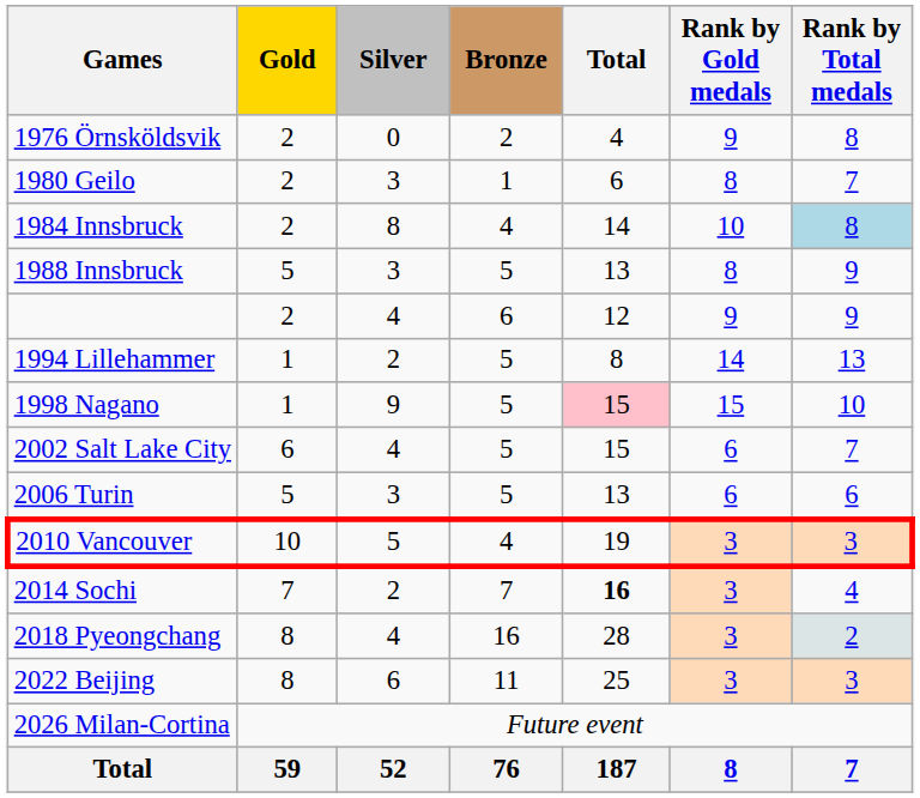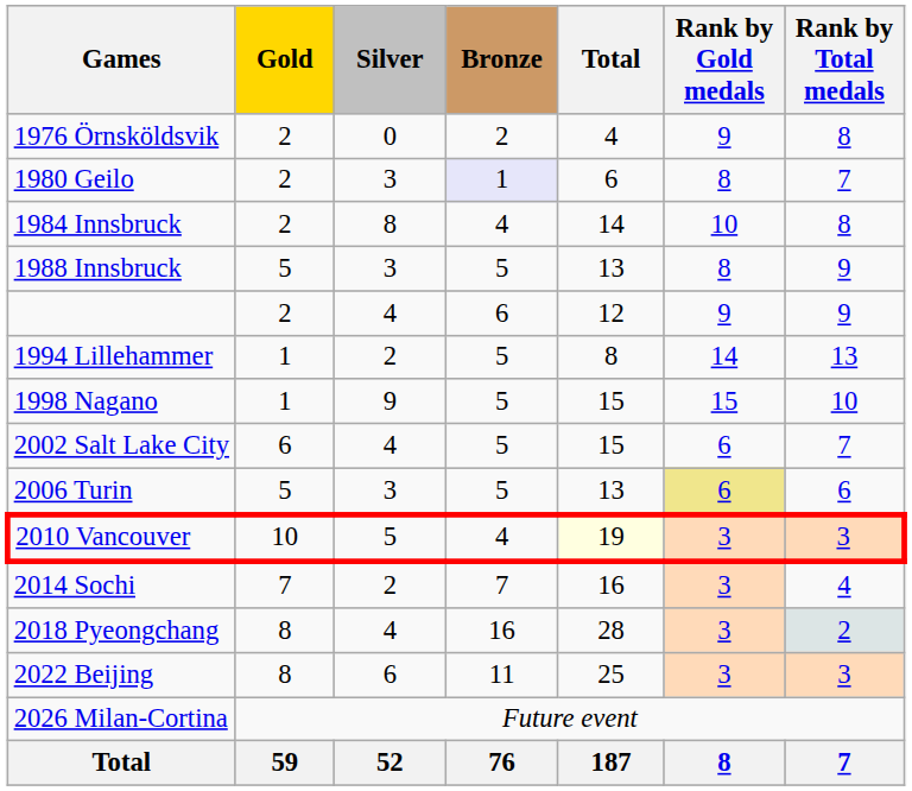 <table class="wikitable" style="text-align:center; font-size:90%;">
 <tr>
 <th>Games</th>
 <td style="background:gold; width:3.2em; font-weight:bold;">Gold</td>
 <td style="background:silver; width:3.7em; font-weight:bold;">Silver</td>
 <td style="background:#c96; width:3.7em; font-weight:bold;">Bronze</td>
 <th style="width:3.5em; font-weight:bold;">Total</th>
 <th style="width:4em; font-weight:bold;">Rank by <a href='#'>Gold medals</a></th>
 <th style="width:4em; font-weight:bold;">Rank by <a href='#'>Total medals</a></th>
 </tr>
 <tr>
 <td align=left> <a href='#'>1976 Örnsköldsvik</a></td>
 <td>2</td>
 <td>0</td>
 <td>2</td>
 <td>4</td>
 <td><a href='#'>9</a></td>
 <td><a href='#'>8</a></td>
 </tr>
 <tr>
 <td align=left> <a href='#'>1980 Geilo</a></td>
 <td>2</td>
 <td>3</td>
-<td>1</td>
+<td style="background: lavender;">1</td>
 <td>6</td>
 <td><a href='#'>8</a></td>
 <td><a href='#'>7</a></td>
 </tr>
 <tr>
 <td align=left> <a href='#'>1984 Innsbruck</a></td>
 <td>2</td>
 <td>8</td>
 <td>4</td>
 <td>14</td>
 <td><a href='#'>10</a></td>
-<td style="background: lightblue;"><a href='#'>8</a></td>
+<td><a href='#'>8</a></td>
 </tr>
 <tr>
 <td align=left> <a href='#'>1988 Innsbruck</a></td>
 <td>5</td>
 <td>3</td>
 <td>5</td>
 <td>13</td>
 <td><a href='#'>8</a></td>
 <td><a href='#'>9</a></td>
 </tr>
 <tr>
 <td align=left></td>
 <td>2</td>
 <td>4</td>
 <td>6</td>
 <td>12</td>
 <td><a href='#'>9</a></td>
 <td><a href='#'>9</a></td>
 </tr>
 <tr>
 <td align=left> <a href='#'>1994 Lillehammer</a></td>
 <td>1</td>
 <td>2</td>
 <td>5</td>
 <td>8</td>
 <td><a href='#'>14</a></td>
 <td><a href='#'>13</a></td>
 </tr>
 <tr>
 <td align=left> <a href='#'>1998 Nagano</a></td>
 <td>1</td>
 <td>9</td>
 <td>5</td>
-<td style="background: pink;">15</td>
+<td>15</td>
 <td><a href='#'>15</a></td>
 <td><a href='#'>10</a></td>
 </tr>
 <tr>
 <td align=left> <a href='#'>2002 Salt Lake City</a></td>
 <td>6</td>
 <td>4</td>
 <td>5</td>
 <td>15</td>
 <td><a href='#'>6</a></td>
 <td><a href='#'>7</a></td>
 </tr>
 <tr>
 <td align=left> <a href='#'>2006 Turin</a></td>
 <td>5</td>
 <td>3</td>
 <td>5</td>
 <td>13</td>
-<td><a href='#'>6</a></td>
+<td style="background: khaki;"><a href='#'>6</a></td>
 <td><a href='#'>6</a></td>
 </tr>
 <tr style="border: 3px solid red">
 <td align=left> <a href='#'>2010 Vancouver</a></td>
 <td>10</td>
 <td>5</td>
 <td>4</td>
-<td>19</td>
+<td style="background: lightyellow;">19</td>
 <td style="background:#ffdab9;"><a href='#'>3</a></td>
 <td style="background:#ffdab9;"><a href='#'>3</a></td>
 </tr>
 <tr>
 <td align=left> <a href='#'>2014 Sochi</a></td>
 <td>7</td>
 <td>2</td>
 <td>7</td>
-<td><strong>16</strong></td>
+<td>16</td>
 <td style="background:#ffdab9;"><a href='#'>3</a></td>
 <td><a href='#'>4</a></td>
 </tr>
 <tr>
 <td align=left> <a href='#'>2018 Pyeongchang</a></td>
 <td>8</td>
 <td>4</td>
 <td>16</td>
 <td>28</td>
 <td style="background:#ffdab9;"><a href='#'>3</a></td>
 <td style="background:#dce5e5;"><a href='#'>2</a></td>
 </tr>
 <tr>
 <td align=left> <a href='#'>2022 Beijing</a></td>
 <td>8</td>
 <td>6</td>
 <td>11</td>
 <td>25</td>
 <td style="background:#ffdab9;"><a href='#'>3</a></td>
 <td style="background:#ffdab9;"><a href='#'>3</a></td>
 </tr>
 <tr>
 <td align=left> <a href='#'>2026 Milan-Cortina</a></td>
 <td colspan=6; rowspan=1><em>Future event</em></td>
 </tr>
 <tr>
 <th>Total</th>
 <th>59</th>
 <th>52</th>
 <th>76</th>
 <th>187</th>
 <th><a href='#'>8</a></th>
 <th><a href='#'>7</a></th>
 </tr>
 </table>
